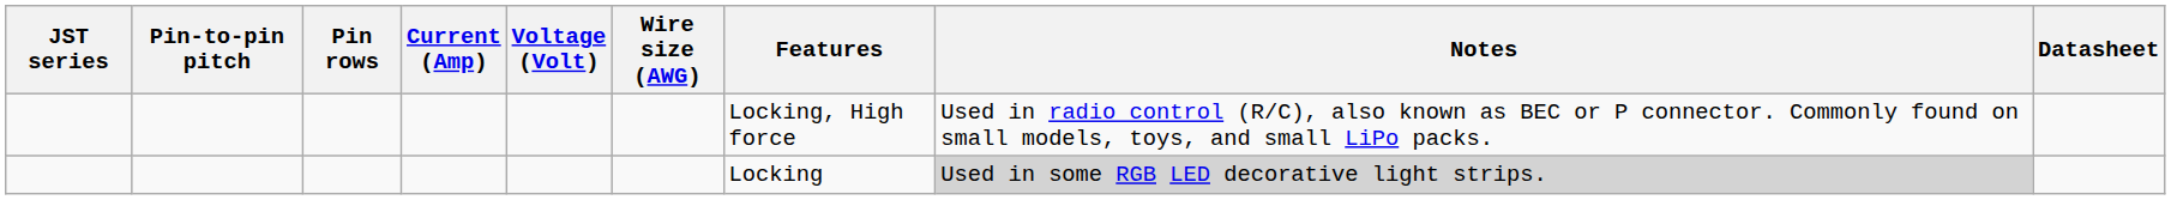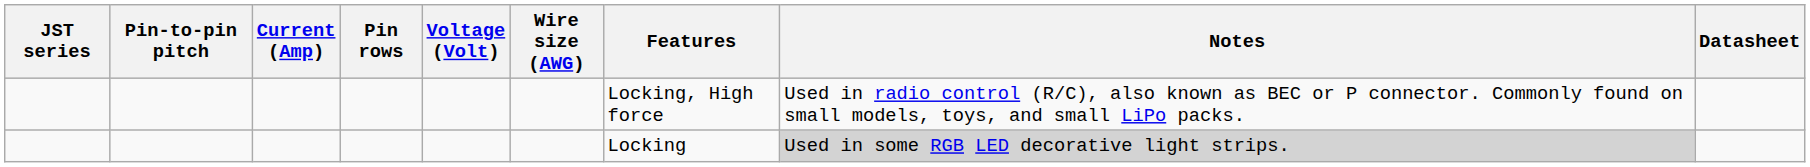 <table class="wikitable">
 <tr>
 <th>JST series</th>
 <th>Pin-to-pin pitch</th>
+<th><a href='#'>Current</a><br>(<a href='#'>Amp</a>)</th>
 <th>Pin rows</th>
-<th><a href='#'>Current</a><br>(<a href='#'>Amp</a>)</th>
 <th><a href='#'>Voltage</a><br>(<a href='#'>Volt</a>)</th>
 <th>Wire size<br>(<a href='#'>AWG</a>)</th>
 <th>Features</th>
 <th>Notes</th>
 <th>Datasheet</th>
 </tr>
 <tr>
 <td><center>   </center></td>
 <td></td>
 <td></td>
 <td></td>
 <td></td>
 <td></td>
 <td>Locking, High force</td>
 <td>Used in <a href='#'>radio control</a> (R/C), also known as BEC or P connector. Commonly found on small models, toys, and small <a href='#'>LiPo</a> packs.</td>
 <td></td>
 </tr>
 <tr>
 <td></td>
 <td></td>
 <td></td>
 <td></td>
 <td></td>
 <td></td>
 <td>Locking</td>
 <td style="background: lightgrey;">Used in some <a href='#'>RGB</a> <a href='#'>LED</a> decorative light strips.</td>
 <td></td>
 </tr>
 </table>
